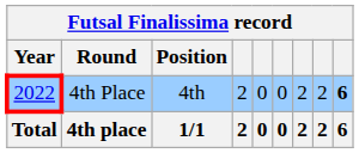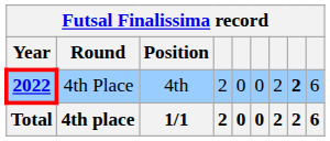 <table class="wikitable" style="text-align: center;font-size:90%;">
 <tr>
 <th colspan=10><a href='#'>Futsal Finalissima</a> record</th>
 </tr>
 <tr>
 <th>Year</th>
 <th>Round</th>
 <th>Position</th>
 <th></th>
 <th></th>
 <th></th>
 <th></th>
 <th></th>
 <th></th>
 </tr>
 <tr bgcolor=9acdff>
-<td style="border: 3px solid red"> <a href='#'>2022</a></td>
+<td style="border: 3px solid red"><strong> <a href='#'>2022</a></strong></td>
 <td>4th Place</td>
 <td>4th</td>
 <td>2</td>
 <td>0</td>
 <td>0</td>
 <td>2</td>
-<td>2</td>
-<td><strong>6</strong></td>
+<td><strong>2</strong></td>
+<td>6</td>
 </tr>
 <tr>
 <th><strong>Total</strong></th>
 <th><strong>4th place</strong></th>
 <th>1/1</th>
 <th>2</th>
 <th>0</th>
 <th>0</th>
 <th>2</th>
 <th>2</th>
 <th>6</th>
 </tr>
 </table>
